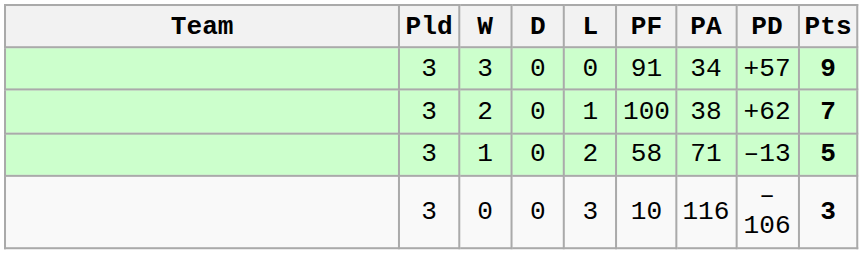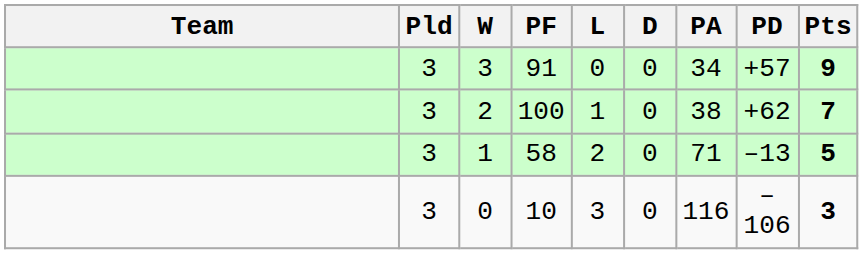 <table class="wikitable" style="text-align:center;">
 <tr>
 <th width=190>Team</th>
 <th width=20 abbr="Played">Pld</th>
 <th width=20 abbr="Won">W</th>
+<th width=20 abbr="Points for">PF</th>
+<th width=20 abbr="Lost">L</th>
 <th width=20 abbr="Drawn">D</th>
-<th width=20 abbr="Lost">L</th>
-<th width=20 abbr="Points for">PF</th>
 <th width=20 abbr="Points against">PA</th>
 <th width=25 abbr="Points difference">PD</th>
 <th width=20 abbr="Points">Pts</th>
 </tr>
 <tr style="background:#ccffcc">
 <td align=left></td>
 <td>3</td>
 <td>3</td>
+<td>91</td>
 <td>0</td>
 <td>0</td>
-<td>91</td>
 <td>34</td>
 <td>+57</td>
 <td><strong>9</strong></td>
 </tr>
 <tr style="background:#ccffcc">
 <td align=left></td>
 <td>3</td>
 <td>2</td>
+<td>100</td>
+<td>1</td>
 <td>0</td>
-<td>1</td>
-<td>100</td>
 <td>38</td>
 <td>+62</td>
 <td><strong>7</strong></td>
 </tr>
 <tr style="background:#ccffcc">
 <td align=left></td>
 <td>3</td>
 <td>1</td>
+<td>58</td>
+<td>2</td>
 <td>0</td>
-<td>2</td>
-<td>58</td>
 <td>71</td>
 <td>–13</td>
 <td><strong>5</strong></td>
 </tr>
 <tr>
 <td align=left></td>
 <td>3</td>
 <td>0</td>
+<td>10</td>
+<td>3</td>
 <td>0</td>
-<td>3</td>
-<td>10</td>
 <td>116</td>
 <td>–106</td>
 <td><strong>3</strong></td>
 </tr>
 </table>
